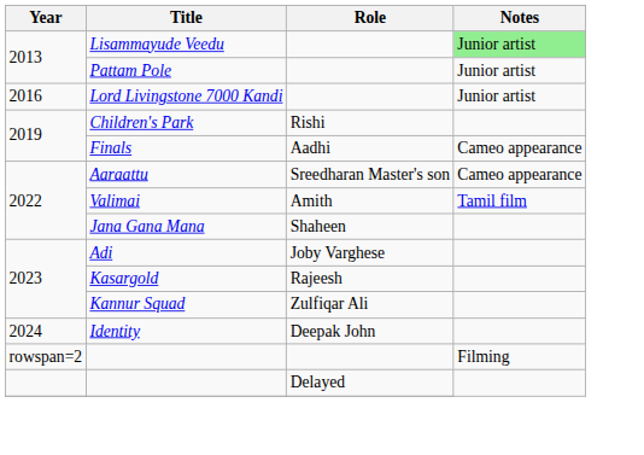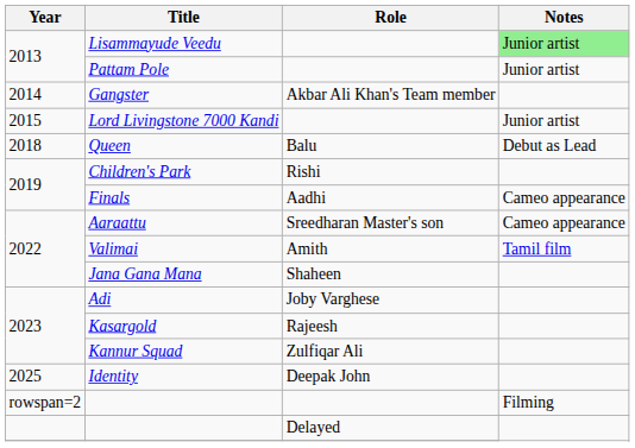 <table class="wikitable sortable">
 <tr>
 <th>Year</th>
 <th>Title</th>
 <th>Role</th>
 <th class="unsortable">Notes</th>
 </tr>
 <tr>
 <td rowspan=2>2013</td>
 <td><em><a href='#'>Lisammayude Veedu</a></em></td>
 <td></td>
 <td style="background: lightgreen;">Junior artist</td>
 </tr>
 <tr>
 <td><em><a href='#'>Pattam Pole</a></em></td>
 <td></td>
 <td>Junior artist</td>
 </tr>
 <tr>
-<td>2016</td>
+<td>2014</td>
+<td><em><a href='#'>Gangster</a></em></td>
+<td>Akbar Ali Khan's Team member</td>
+<td></td>
+</tr>
+<tr>
+<td>2015</td>
 <td><em><a href='#'>Lord Livingstone 7000 Kandi</a></em></td>
 <td></td>
 <td>Junior artist</td>
+</tr>
+<tr>
+<td>2018</td>
+<td><em><a href='#'>Queen</a></em></td>
+<td>Balu</td>
+<td>Debut as Lead</td>
 </tr>
 <tr>
 <td rowspan=2>2019</td>
 <td><em><a href='#'>Children's Park</a></em></td>
 <td>Rishi</td>
 <td></td>
 </tr>
 <tr>
 <td><em><a href='#'>Finals</a></em></td>
 <td>Aadhi</td>
 <td>Cameo appearance</td>
 </tr>
 <tr>
 <td rowspan=3>2022</td>
 <td><em><a href='#'>Aaraattu</a></em></td>
 <td>Sreedharan Master's son</td>
 <td>Cameo appearance</td>
 </tr>
 <tr>
 <td><em><a href='#'>Valimai</a></em></td>
 <td>Amith</td>
 <td><a href='#'>Tamil film</a></td>
 </tr>
 <tr>
 <td><a href='#'><em>Jana Gana Mana</em></a></td>
 <td>Shaheen</td>
 <td></td>
 </tr>
 <tr>
 <td rowspan=3>2023</td>
 <td><em><a href='#'>Adi</a></em></td>
 <td>Joby Varghese</td>
 <td></td>
 </tr>
 <tr>
 <td><em><a href='#'>Kasargold</a></em></td>
 <td>Rajeesh</td>
 <td></td>
 </tr>
 <tr>
 <td><em><a href='#'>Kannur Squad</a></em></td>
 <td>Zulfiqar Ali</td>
 <td></td>
 </tr>
 <tr>
-<td>2024</td>
+<td>2025</td>
 <td><em><a href='#'>Identity</a></em></td>
 <td>Deepak John</td>
 <td></td>
 </tr>
 <tr>
 <td>rowspan=2 </td>
 <td></td>
 <td></td>
 <td>Filming</td>
 </tr>
 <tr>
 <td></td>
 <td></td>
 <td>Delayed</td>
 </tr>
 <tr>
 </tr>
 </table>
